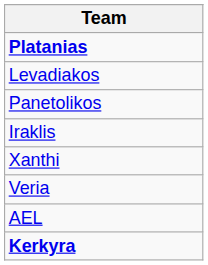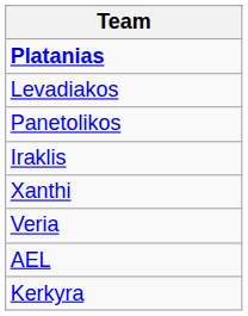 <table class="wikitable">
 <tr>
 </tr>
 <tr>
 <th width=170>Team</th>
 </tr>
 <tr>
 <td><strong><a href='#'>Platanias</a></strong></td>
 </tr>
 <tr>
 <td><a href='#'>Levadiakos</a></td>
 </tr>
 <tr>
 <td><a href='#'>Panetolikos</a></td>
 </tr>
 <tr>
 <td><a href='#'>Iraklis</a></td>
 </tr>
 <tr>
 <td><a href='#'>Xanthi</a></td>
 </tr>
 <tr>
 <td><a href='#'>Veria</a></td>
 </tr>
 <tr>
 <td><a href='#'>AEL</a></td>
 </tr>
 <tr>
-<td><strong><a href='#'>Kerkyra</a></strong></td>
+<td><a href='#'>Kerkyra</a></td>
 </tr>
 </table>
